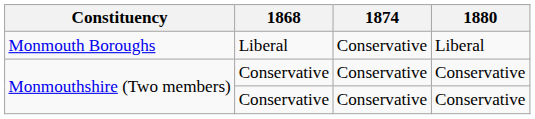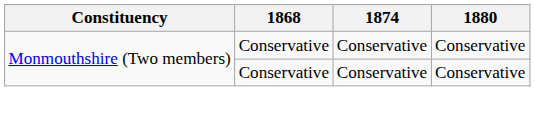 <table class="wikitable">
 <tr>
 <th>Constituency</th>
 <th>1868</th>
 <th>1874</th>
 <th>1880</th>
-</tr>
-<tr>
-<td><a href='#'>Monmouth Boroughs</a></td>
-<td>Liberal</td>
-<td>Conservative</td>
-<td>Liberal</td>
 </tr>
 <tr>
 <td rowspan="2"><a href='#'>Monmouthshire</a> (Two members)</td>
 <td>Conservative</td>
 <td>Conservative</td>
 <td>Conservative</td>
 </tr>
 <tr>
 <td>Conservative</td>
 <td>Conservative</td>
 <td>Conservative</td>
 </tr>
 </table>
